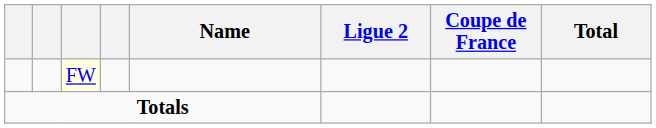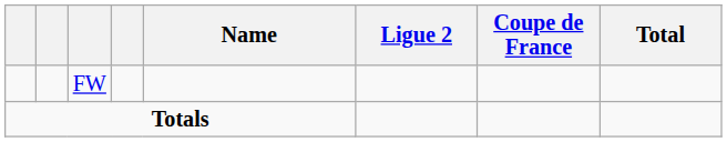 <table class="wikitable" style="text-align:center">
 <tr>
 <th width=15></th>
 <th width=15></th>
 <th width=15></th>
 <th width=15></th>
 <th width=145>Name</th>
 <th width=80><a href='#'>Ligue 2</a></th>
 <th width=80><a href='#'>Coupe de France</a></th>
 <th width=80>Total</th>
 </tr>
 <tr>
 <td><strong> </strong></td>
 <td></td>
-<td style="background: lightyellow;"><a href='#'>FW</a></td>
+<td><a href='#'>FW</a></td>
 <td></td>
 <td align=left><a href='#'></a></td>
 <td></td>
 <td></td>
 <td><strong> </strong></td>
 </tr>
 <tr>
 <td colspan=5><strong>Totals</strong></td>
 <td><strong> </strong></td>
 <td><strong> </strong></td>
 <td><strong> </strong></td>
 </tr>
 </table>
